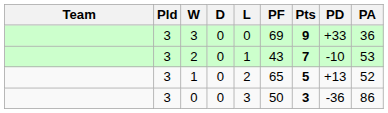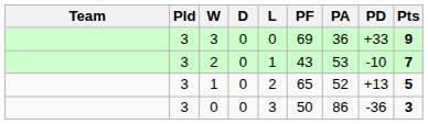 <table class="wikitable" style="text-align:center;">
 <tr>
 <th width=175>Team</th>
 <th width=25 abbr="Played">Pld</th>
 <th width=25 abbr="Won">W</th>
 <th width=25 abbr="Drawn">D</th>
 <th width=25 abbr="Lost">L</th>
 <th width=32 abbr="Points for">PF</th>
+<th width=32 abbr="Points against">PA</th>
+<th width=32 abbr="Points difference">PD</th>
 <th width=25 abbr="Points">Pts</th>
-<th width=32 abbr="Points difference">PD</th>
-<th width=32 abbr="Points against">PA</th>
 </tr>
 <tr bgcolor="#ccffcc">
 <td align=left></td>
 <td>3</td>
 <td>3</td>
 <td>0</td>
 <td>0</td>
 <td>69</td>
+<td>36</td>
+<td>+33</td>
 <td><strong>9</strong></td>
-<td>+33</td>
-<td>36</td>
 </tr>
 <tr bgcolor="#ccffcc">
 <td align=left></td>
 <td>3</td>
 <td>2</td>
 <td>0</td>
 <td>1</td>
 <td>43</td>
+<td>53</td>
+<td>-10</td>
 <td><strong>7</strong></td>
-<td>-10</td>
-<td>53</td>
 </tr>
 <tr>
 <td align=left></td>
 <td>3</td>
 <td>1</td>
 <td>0</td>
 <td>2</td>
 <td>65</td>
+<td>52</td>
+<td>+13</td>
 <td><strong>5</strong></td>
-<td>+13</td>
-<td>52</td>
 </tr>
 <tr>
 <td align=left></td>
 <td>3</td>
 <td>0</td>
 <td>0</td>
 <td>3</td>
 <td>50</td>
+<td>86</td>
+<td>-36</td>
 <td><strong>3</strong></td>
-<td>-36</td>
-<td>86</td>
 </tr>
 </table>
